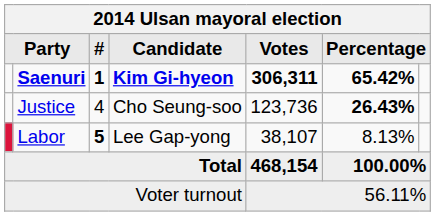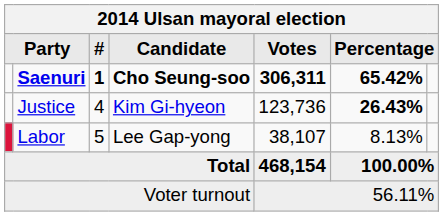 <table class="wikitable">
 <tr>
 <th colspan="7">2014 Ulsan mayoral election</th>
 </tr>
 <tr>
 <th style="background-color:#E9E9E9" colspan=2>Party</th>
 <th style="background-color:#E9E9E9">#</th>
 <th style="background-color:#E9E9E9">Candidate</th>
 <th style="background-color:#E9E9E9">Votes</th>
 <th style="background-color:#E9E9E9" colspan=2>Percentage</th>
 </tr>
 <tr style="font-weight:bold">
 <td></td>
 <td align=left><a href='#'>Saenuri</a></td>
 <td align=center>1</td>
-<td align=left><a href='#'>Kim Gi-hyeon</a></td>
+<td align=left>Cho Seung-soo</td>
 <td align=right>306,311</td>
 <td align=right>65.42%</td>
 <td align=right></td>
 </tr>
 <tr>
 <td></td>
 <td align=left><a href='#'>Justice</a></td>
 <td align=center>4</td>
-<td align=left>Cho Seung-soo</td>
+<td align=left><a href='#'>Kim Gi-hyeon</a></td>
 <td align=right>123,736</td>
 <td align=right><strong>26.43%</strong></td>
 <td align=right></td>
 </tr>
 <tr>
 <td bgcolor="#DC143C"></td>
 <td align=left><a href='#'>Labor</a></td>
-<td align=center><strong>5</strong></td>
+<td align=center>5</td>
 <td align=left>Lee Gap-yong</td>
 <td align=right>38,107</td>
 <td align=right>8.13%</td>
 <td align=right></td>
 </tr>
 <tr bgcolor="#EEEEEE" style="font-weight:bold">
 <td colspan="4" align=right>Total</td>
 <td align=right>468,154</td>
 <td align=right colspan=2>100.00%</td>
 </tr>
 <tr bgcolor="#EEEEEE">
 <td colspan="4" align="right">Voter turnout</td>
 <td colspan="3" align="right">56.11%</td>
 </tr>
 </table>
